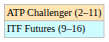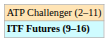 <table class=wikitable style=font-size:97%>
 <tr bgcolor=moccasin>
 <td>ATP Challenger (2–11)</td>
 </tr>
 <tr bgcolor=cffcff>
-<td>ITF Futures (9–16)</td>
+<td><strong>ITF Futures (9–16)</strong></td>
 </tr>
 </table>
